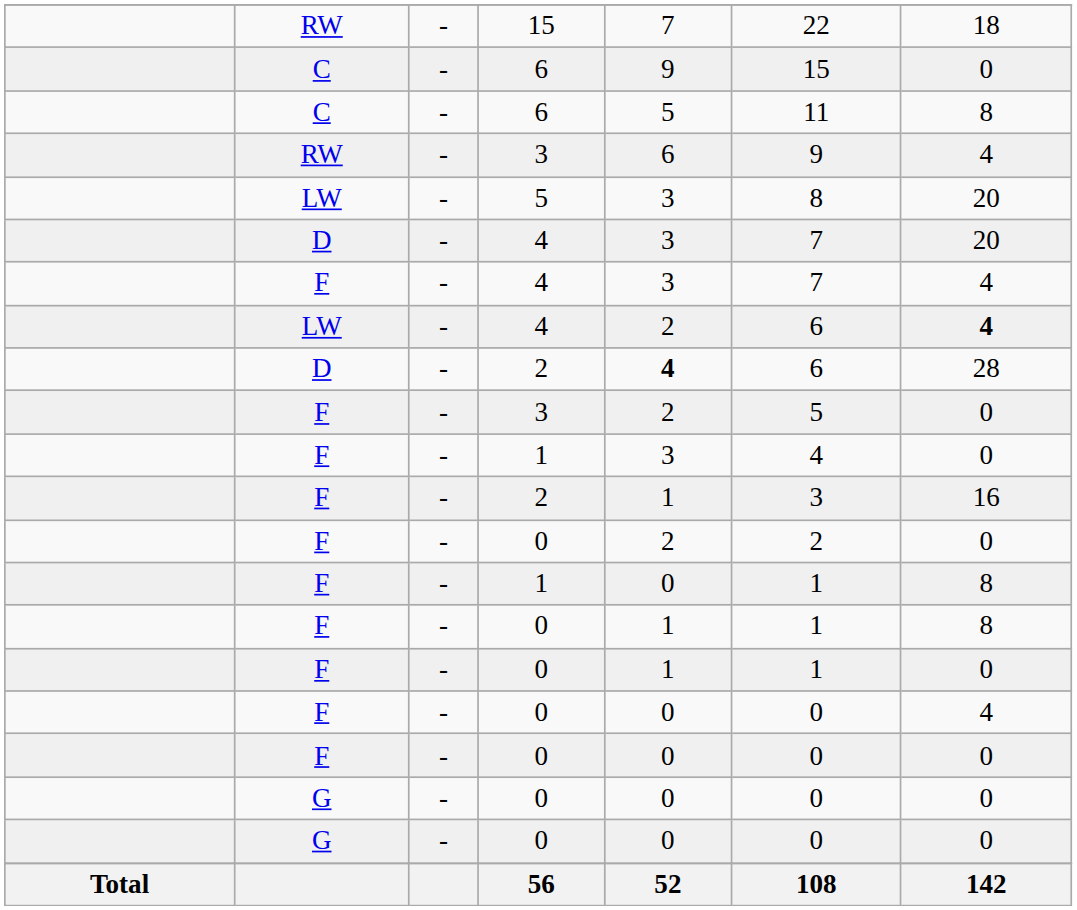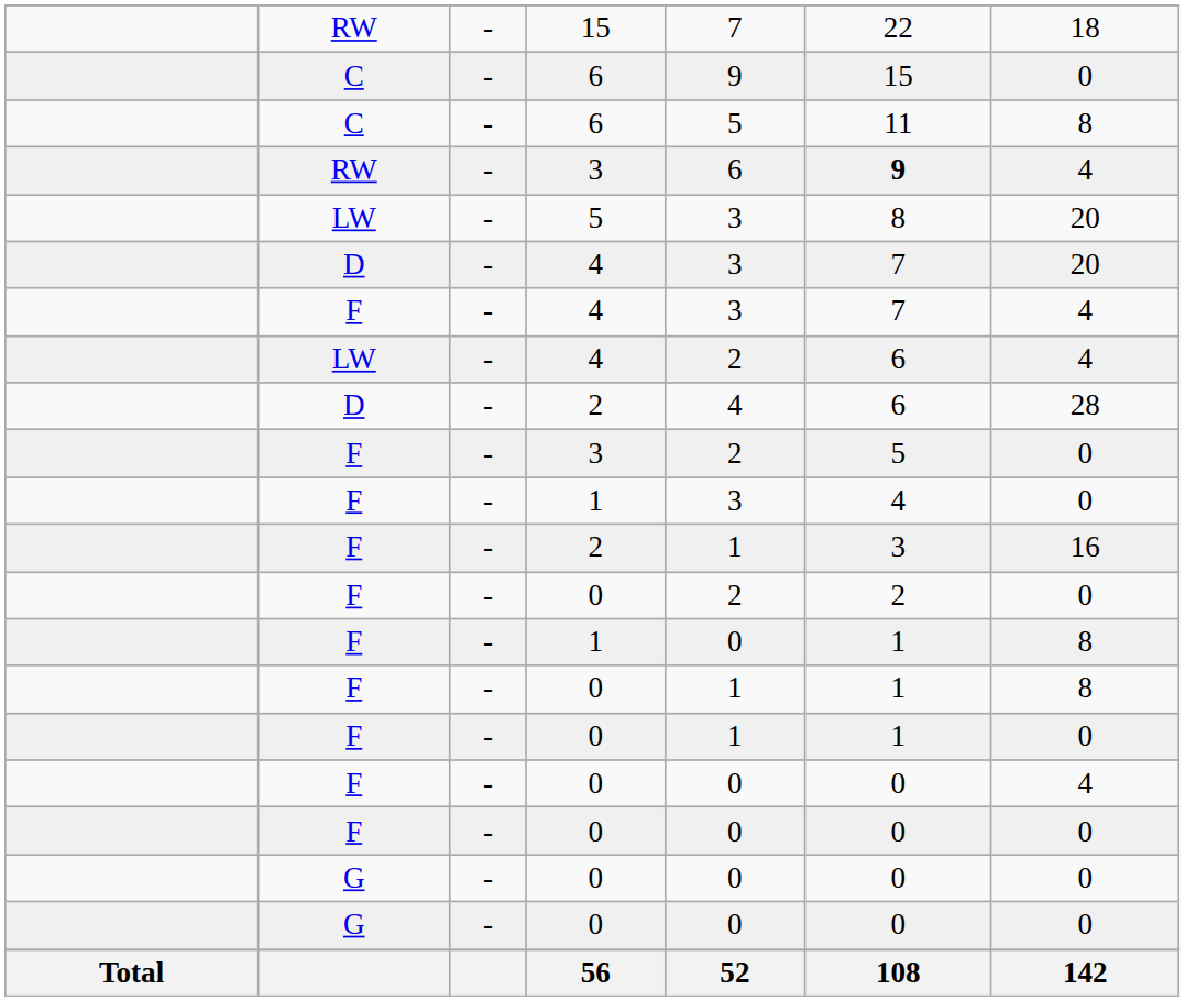 <table class="wikitable sortable" width ="50%">
 <tr align="center">
 </tr>
 <tr align="center" bgcolor="">
 <td></td>
 <td><a href='#'>RW</a></td>
 <td>-</td>
 <td>15</td>
 <td>7</td>
 <td>22</td>
 <td>18</td>
 </tr>
 <tr align="center" bgcolor="f0f0f0">
 <td></td>
 <td><a href='#'>C</a></td>
 <td>-</td>
 <td>6</td>
 <td>9</td>
 <td>15</td>
 <td>0</td>
 </tr>
 <tr align="center" bgcolor="">
 <td></td>
 <td><a href='#'>C</a></td>
 <td>-</td>
 <td>6</td>
 <td>5</td>
 <td>11</td>
 <td>8</td>
 </tr>
 <tr align="center" bgcolor="f0f0f0">
 <td></td>
 <td><a href='#'>RW</a></td>
 <td>-</td>
 <td>3</td>
 <td>6</td>
-<td>9</td>
+<td><strong>9</strong></td>
 <td>4</td>
 </tr>
 <tr align="center" bgcolor="">
 <td></td>
 <td><a href='#'>LW</a></td>
 <td>-</td>
 <td>5</td>
 <td>3</td>
 <td>8</td>
 <td>20</td>
 </tr>
 <tr align="center" bgcolor="f0f0f0">
 <td></td>
 <td><a href='#'>D</a></td>
 <td>-</td>
 <td>4</td>
 <td>3</td>
 <td>7</td>
 <td>20</td>
 </tr>
 <tr align="center" bgcolor="">
 <td></td>
 <td><a href='#'>F</a></td>
 <td>-</td>
 <td>4</td>
 <td>3</td>
 <td>7</td>
 <td>4</td>
 </tr>
 <tr align="center" bgcolor="f0f0f0">
 <td></td>
 <td><a href='#'>LW</a></td>
 <td>-</td>
 <td>4</td>
 <td>2</td>
 <td>6</td>
-<td><strong>4</strong></td>
+<td>4</td>
 </tr>
 <tr align="center" bgcolor="">
 <td></td>
 <td><a href='#'>D</a></td>
 <td>-</td>
 <td>2</td>
-<td><strong>4</strong></td>
+<td>4</td>
 <td>6</td>
 <td>28</td>
 </tr>
 <tr align="center" bgcolor="f0f0f0">
 <td></td>
 <td><a href='#'>F</a></td>
 <td>-</td>
 <td>3</td>
 <td>2</td>
 <td>5</td>
 <td>0</td>
 </tr>
 <tr align="center" bgcolor="">
 <td></td>
 <td><a href='#'>F</a></td>
 <td>-</td>
 <td>1</td>
 <td>3</td>
 <td>4</td>
 <td>0</td>
 </tr>
 <tr align="center" bgcolor="f0f0f0">
 <td></td>
 <td><a href='#'>F</a></td>
 <td>-</td>
 <td>2</td>
 <td>1</td>
 <td>3</td>
 <td>16</td>
 </tr>
 <tr align="center" bgcolor="">
 <td></td>
 <td><a href='#'>F</a></td>
 <td>-</td>
 <td>0</td>
 <td>2</td>
 <td>2</td>
 <td>0</td>
 </tr>
 <tr align="center" bgcolor="f0f0f0">
 <td></td>
 <td><a href='#'>F</a></td>
 <td>-</td>
 <td>1</td>
 <td>0</td>
 <td>1</td>
 <td>8</td>
 </tr>
 <tr align="center" bgcolor="">
 <td></td>
 <td><a href='#'>F</a></td>
 <td>-</td>
 <td>0</td>
 <td>1</td>
 <td>1</td>
 <td>8</td>
 </tr>
 <tr align="center" bgcolor="f0f0f0">
 <td></td>
 <td><a href='#'>F</a></td>
 <td>-</td>
 <td>0</td>
 <td>1</td>
 <td>1</td>
 <td>0</td>
 </tr>
 <tr align="center" bgcolor="">
 <td></td>
 <td><a href='#'>F</a></td>
 <td>-</td>
 <td>0</td>
 <td>0</td>
 <td>0</td>
 <td>4</td>
 </tr>
 <tr align="center" bgcolor="f0f0f0">
 <td></td>
 <td><a href='#'>F</a></td>
 <td>-</td>
 <td>0</td>
 <td>0</td>
 <td>0</td>
 <td>0</td>
 </tr>
 <tr align="center" bgcolor="">
 <td></td>
 <td><a href='#'>G</a></td>
 <td>-</td>
 <td>0</td>
 <td>0</td>
 <td>0</td>
 <td>0</td>
 </tr>
 <tr align="center" bgcolor="f0f0f0">
 <td></td>
 <td><a href='#'>G</a></td>
 <td>-</td>
 <td>0</td>
 <td>0</td>
 <td>0</td>
 <td>0</td>
 </tr>
 <tr align="center" bgcolor="">
 </tr>
 <tr>
 <th>Total</th>
 <th></th>
 <th></th>
 <th>56</th>
 <th>52</th>
 <th>108</th>
 <th>142</th>
 </tr>
 </table>
